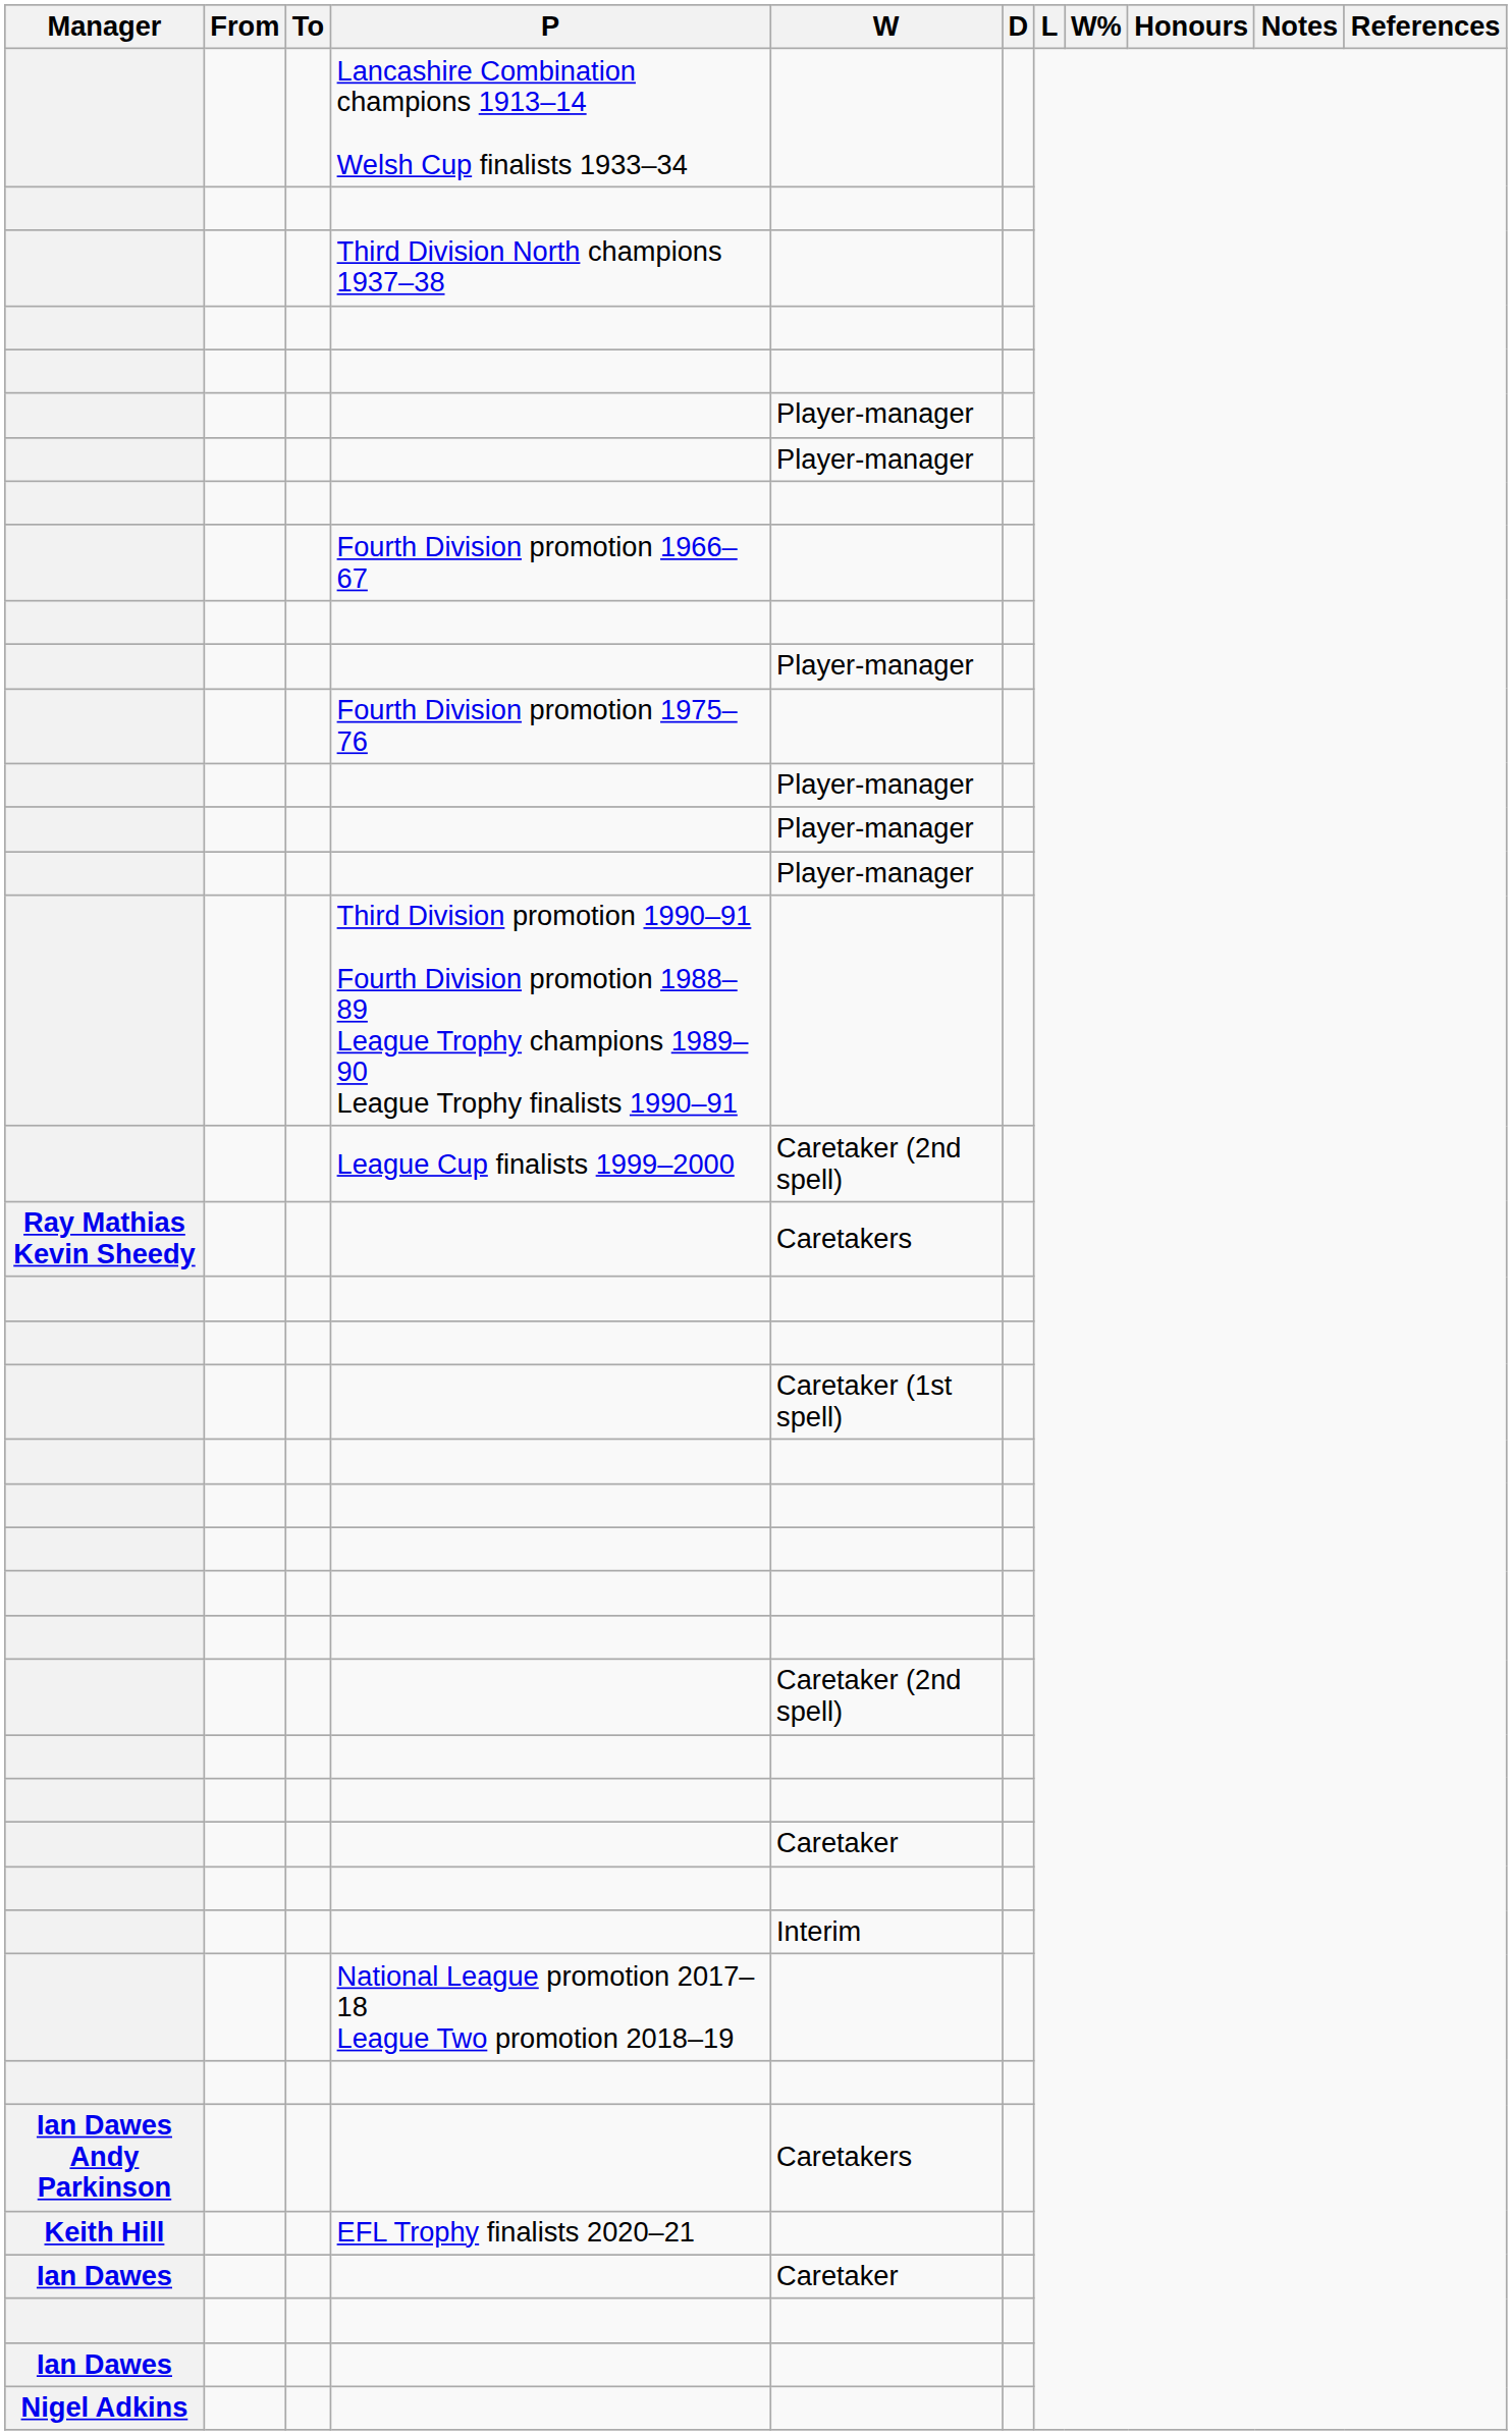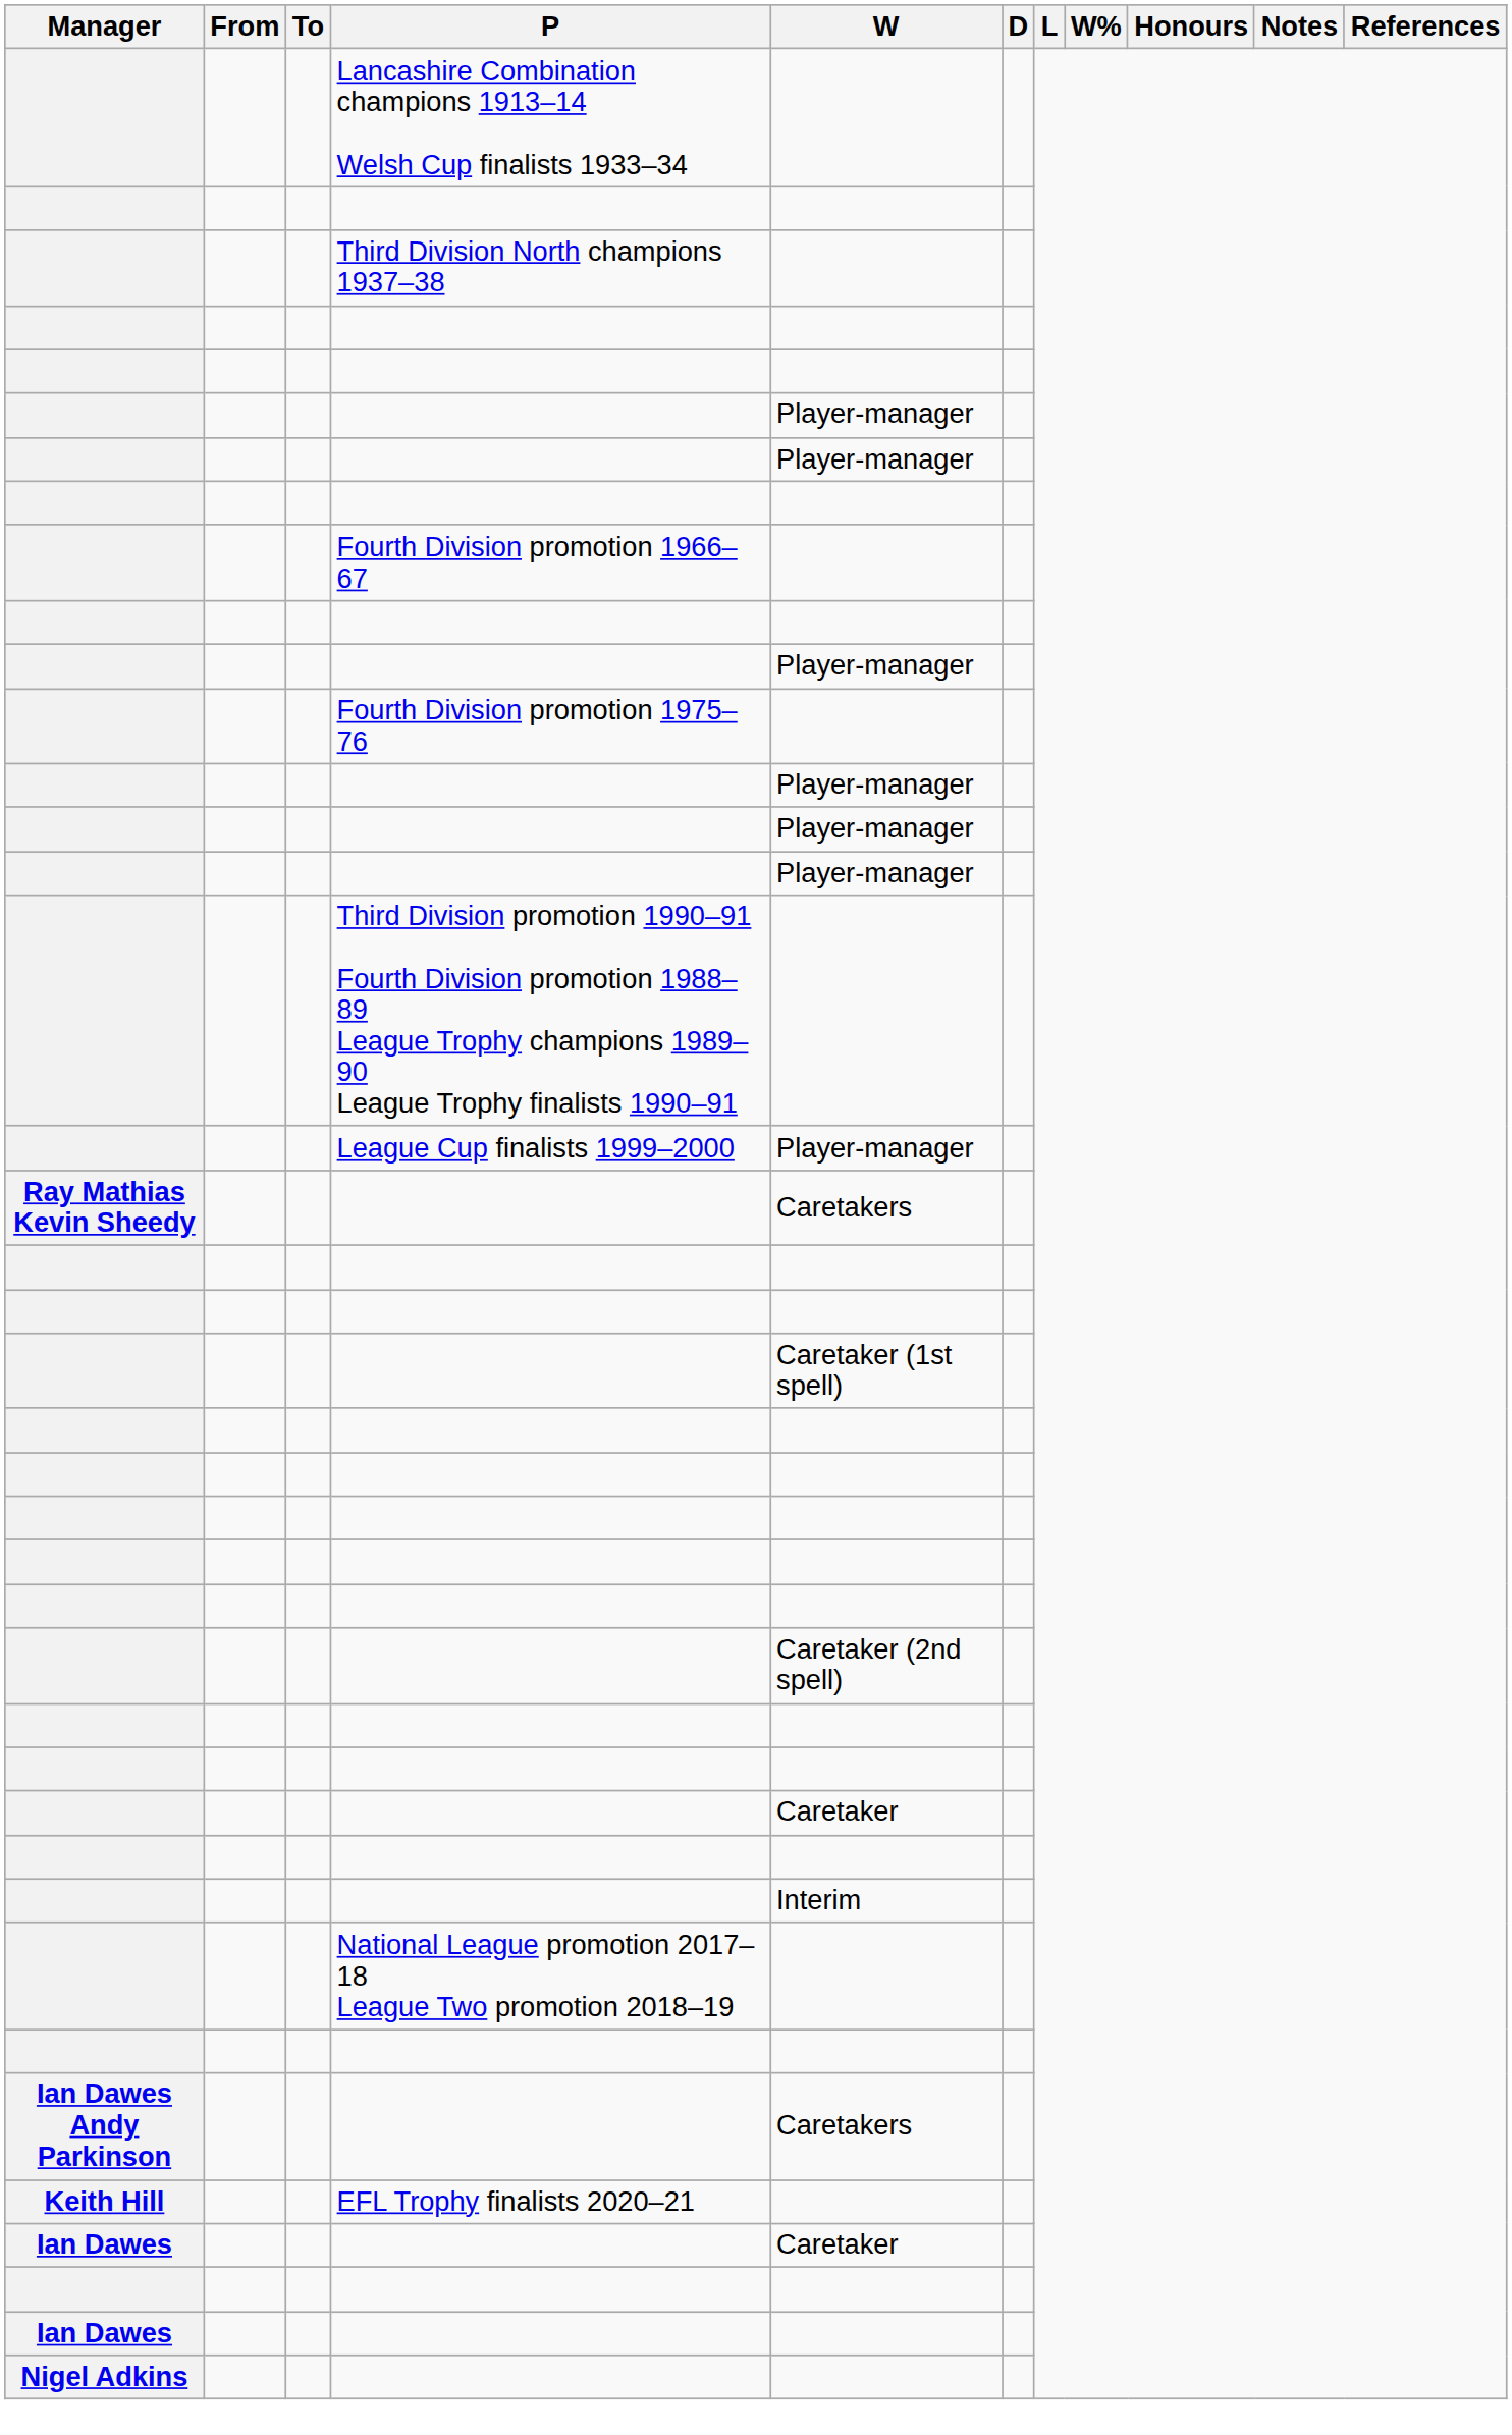 <table class="wikitable sortable plainrowheaders">
 <tr>
 <th scope="col">Manager</th>
 <th scope="col">From</th>
 <th scope="col">To</th>
 <th scope="col">P</th>
 <th scope="col">W</th>
 <th scope="col">D</th>
 <th scope="col">L</th>
 <th scope="col">W%</th>
 <th scope="col" class="unsortable">Honours</th>
 <th scope="col" class="unsortable">Notes</th>
 <th scope="col" class="unsortable">References</th>
 </tr>
 <tr>
 <th scope="row"></th>
 <td></td>
 <td><br></td>
 <td><a href='#'>Lancashire Combination</a> champions <a href='#'>1913–14</a><br><br><a href='#'>Welsh Cup</a> finalists 1933–34</td>
 <td></td>
 <td align=center></td>
 </tr>
 <tr>
 <th scope="row"></th>
 <td></td>
 <td><br></td>
 <td></td>
 <td></td>
 <td align=center></td>
 </tr>
 <tr>
 <th scope="row"></th>
 <td></td>
 <td><br></td>
 <td><a href='#'>Third Division North</a> champions <a href='#'>1937–38</a></td>
 <td></td>
 <td align=center></td>
 </tr>
 <tr>
 <th scope="row"></th>
 <td></td>
 <td><br></td>
 <td></td>
 <td></td>
 <td align=center></td>
 </tr>
 <tr>
 <th scope="row"></th>
 <td></td>
 <td><br></td>
 <td></td>
 <td></td>
 <td align=center></td>
 </tr>
 <tr>
 <th scope="row"></th>
 <td></td>
 <td><br></td>
 <td></td>
 <td>Player-manager</td>
 <td align=center></td>
 </tr>
 <tr>
 <th scope="row"></th>
 <td></td>
 <td><br></td>
 <td></td>
 <td>Player-manager</td>
 <td align=center></td>
 </tr>
 <tr>
 <th scope="row"></th>
 <td></td>
 <td><br></td>
 <td></td>
 <td></td>
 <td align=center></td>
 </tr>
 <tr>
 <th scope="row"></th>
 <td></td>
 <td><br></td>
 <td><a href='#'>Fourth Division</a> promotion <a href='#'>1966–67</a></td>
 <td></td>
 <td align=center></td>
 </tr>
 <tr>
 <th scope="row"></th>
 <td></td>
 <td><br></td>
 <td></td>
 <td></td>
 <td align=center></td>
 </tr>
 <tr>
 <th scope="row"></th>
 <td></td>
 <td><br></td>
 <td></td>
 <td>Player-manager</td>
 <td align=center></td>
 </tr>
 <tr>
 <th scope="row"></th>
 <td></td>
 <td><br></td>
 <td><a href='#'>Fourth Division</a> promotion <a href='#'>1975–76</a></td>
 <td></td>
 <td align=center></td>
 </tr>
 <tr>
 <th scope="row"></th>
 <td></td>
 <td><br></td>
 <td></td>
 <td>Player-manager</td>
 <td align=center></td>
 </tr>
 <tr>
 <th scope="row"></th>
 <td></td>
 <td><br></td>
 <td></td>
 <td>Player-manager</td>
 <td align=center></td>
 </tr>
 <tr>
 <th scope="row"></th>
 <td></td>
 <td><br></td>
 <td></td>
 <td>Player-manager</td>
 <td align=center></td>
 </tr>
 <tr>
 <th scope="row"></th>
 <td></td>
 <td><br></td>
 <td><a href='#'>Third Division</a> promotion <a href='#'>1990–91</a><br><br><a href='#'>Fourth Division</a> promotion <a href='#'>1988–89</a><br> <a href='#'>League Trophy</a> champions <a href='#'>1989–90</a><br> League Trophy finalists <a href='#'>1990–91</a></td>
 <td></td>
 <td align=center></td>
 </tr>
 <tr>
 <th scope="row"></th>
 <td></td>
 <td><br></td>
 <td><a href='#'>League Cup</a> finalists <a href='#'>1999–2000</a></td>
-<td>Caretaker (2nd spell)</td>
+<td>Player-manager</td>
 <td align=center></td>
 </tr>
 <tr>
 <th scope="row"><a href='#'>Ray Mathias</a> <br> <a href='#'>Kevin Sheedy</a></th>
 <td></td>
 <td><br></td>
 <td></td>
 <td>Caretakers</td>
 <td align=center></td>
 </tr>
 <tr>
 <th scope="row"></th>
 <td></td>
 <td><br></td>
 <td></td>
 <td></td>
 <td align=center></td>
 </tr>
 <tr>
 <th scope="row"></th>
 <td></td>
 <td><br></td>
 <td></td>
 <td></td>
 <td align=center></td>
 </tr>
 <tr>
 <th scope="row"></th>
 <td></td>
 <td><br></td>
 <td></td>
 <td>Caretaker (1st spell)</td>
 <td align=center></td>
 </tr>
 <tr>
 <th scope="row"></th>
 <td></td>
 <td><br></td>
 <td></td>
 <td></td>
 <td align=center></td>
 </tr>
 <tr>
 <th scope="row"></th>
 <td></td>
 <td><br></td>
 <td></td>
 <td></td>
 <td align=center></td>
 </tr>
 <tr>
 <th scope="row"></th>
 <td></td>
 <td><br></td>
 <td></td>
 <td></td>
 <td align=center></td>
 </tr>
 <tr>
 <th scope="row"></th>
 <td></td>
 <td><br></td>
 <td></td>
 <td></td>
 <td align=center></td>
 </tr>
 <tr>
 <th scope="row"></th>
 <td></td>
 <td><br></td>
 <td></td>
 <td></td>
 <td align=center></td>
 </tr>
 <tr>
 <th scope="row"></th>
 <td></td>
 <td><br></td>
 <td></td>
 <td>Caretaker (2nd spell)</td>
 <td align=center></td>
 </tr>
 <tr>
 <th scope="row"></th>
 <td></td>
 <td><br></td>
 <td></td>
 <td></td>
 <td align=center></td>
 </tr>
 <tr>
 <th scope="row"></th>
 <td></td>
 <td><br></td>
 <td></td>
 <td></td>
 <td align=center></td>
 </tr>
 <tr>
 <th scope="row"></th>
 <td></td>
 <td><br></td>
 <td></td>
 <td>Caretaker</td>
 <td align=center></td>
 </tr>
 <tr>
 <th scope="row"></th>
 <td></td>
 <td><br></td>
 <td></td>
 <td></td>
 <td align=center></td>
 </tr>
 <tr>
 <th scope="row"></th>
 <td></td>
 <td><br></td>
 <td></td>
 <td>Interim</td>
 <td align=center></td>
 </tr>
 <tr>
 <th scope="row"></th>
 <td></td>
 <td><br></td>
 <td><a href='#'>National League</a> promotion 2017–18<br><a href='#'>League Two</a> promotion 2018–19</td>
 <td></td>
 <td align=center></td>
 </tr>
 <tr>
 <th scope="row"></th>
 <td></td>
 <td><br></td>
 <td></td>
 <td></td>
 <td align=center></td>
 </tr>
 <tr>
 <th scope="row"><a href='#'>Ian Dawes</a> <br> <a href='#'>Andy Parkinson</a></th>
 <td></td>
 <td><br></td>
 <td></td>
 <td>Caretakers</td>
 <td align=center></td>
 </tr>
 <tr>
 <th scope="row"><a href='#'>Keith Hill</a></th>
 <td></td>
 <td><br></td>
 <td><a href='#'>EFL Trophy</a> finalists 2020–21</td>
 <td></td>
 <td align=center></td>
 </tr>
 <tr>
 <th scope="row"><a href='#'>Ian Dawes</a></th>
 <td></td>
 <td><br></td>
 <td></td>
 <td>Caretaker</td>
 <td align=center></td>
 </tr>
 <tr>
 <th scope="row"></th>
 <td></td>
 <td><br></td>
 <td></td>
 <td></td>
 <td align=center></td>
 </tr>
 <tr>
 <th scope="row"><a href='#'>Ian Dawes</a></th>
 <td></td>
 <td><br></td>
 <td></td>
 <td></td>
 <td align=center></td>
 </tr>
 <tr>
 <th scope="row"><a href='#'>Nigel Adkins</a></th>
 <td></td>
 <td><br></td>
 <td></td>
 <td></td>
 <td align=center></td>
 </tr>
 </table>
